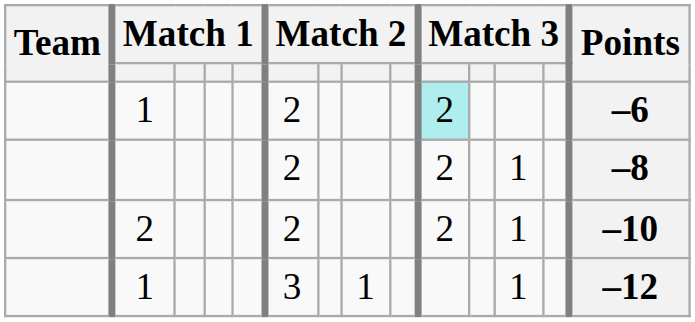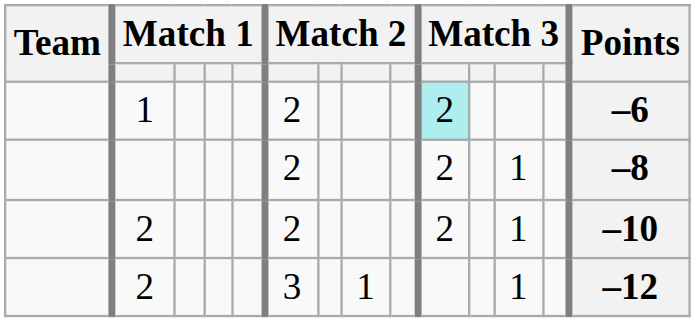 <table class="wikitable sortable" style="text-align:center;">
 <tr>
 <th rowspan=2>Team</th>
 <th colspan=4 style="border-left:3px solid gray">Match 1</th>
 <th colspan=4 style="border-left:3px solid gray">Match 2</th>
 <th colspan=4 style="border-left:3px solid gray">Match 3</th>
 <th rowspan=2 style="border-left:3px solid gray">Points</th>
 </tr>
 <tr>
 <th style="border-left:3px solid gray"></th>
 <th></th>
 <th></th>
 <th></th>
 <th style="border-left:3px solid gray"></th>
 <th></th>
 <th></th>
 <th></th>
 <th style="border-left:3px solid gray"></th>
 <th></th>
 <th></th>
 <th></th>
 </tr>
 <tr>
 <td align=left></td>
 <td style="border-left:3px solid gray">1</td>
 <td></td>
 <td></td>
 <td></td>
 <td style="border-left:3px solid gray">2</td>
 <td></td>
 <td></td>
 <td></td>
 <td style="background: paleturquoise; border-left:3px solid gray">2</td>
 <td></td>
 <td></td>
 <td></td>
 <th style="border-left:3px solid gray">–6</th>
 </tr>
 <tr>
 <td align=left></td>
 <td style="border-left:3px solid gray"></td>
 <td></td>
 <td></td>
 <td></td>
 <td style="border-left:3px solid gray">2</td>
 <td></td>
 <td></td>
 <td></td>
 <td style="border-left:3px solid gray">2</td>
 <td></td>
 <td>1</td>
 <td></td>
 <th style="border-left:3px solid gray">–8</th>
 </tr>
 <tr>
 <td align=left></td>
 <td style="border-left:3px solid gray">2</td>
 <td></td>
 <td></td>
 <td></td>
 <td style="border-left:3px solid gray">2</td>
 <td></td>
 <td></td>
 <td></td>
 <td style="border-left:3px solid gray">2</td>
 <td></td>
 <td>1</td>
 <td></td>
 <th style="border-left:3px solid gray">–10</th>
 </tr>
 <tr>
 <td align=left></td>
-<td style="border-left:3px solid gray">1</td>
+<td style="border-left:3px solid gray">2</td>
 <td></td>
 <td></td>
 <td></td>
 <td style="border-left:3px solid gray">3</td>
 <td></td>
 <td>1</td>
 <td></td>
 <td style="border-left:3px solid gray"></td>
 <td></td>
 <td>1</td>
 <td></td>
 <th style="border-left:3px solid gray">–12</th>
 </tr>
 </table>
